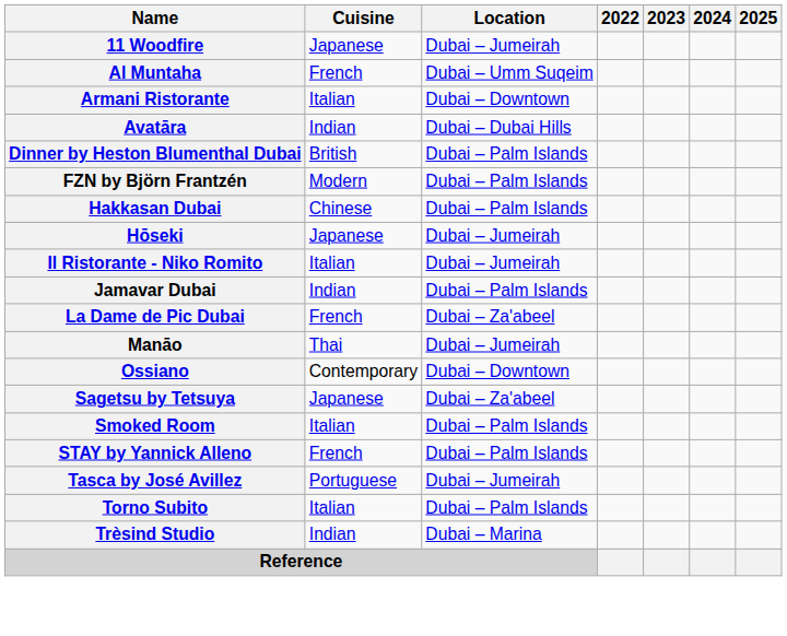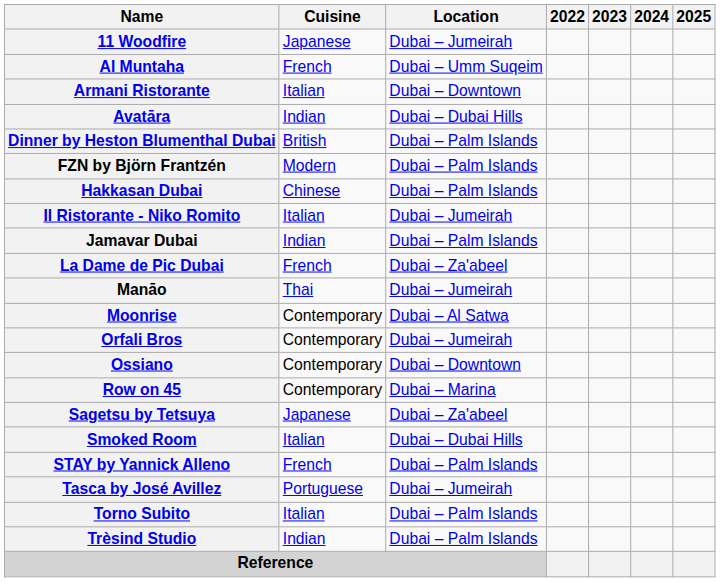 <table class="wikitable sortable plainrowheaders" style="text-align:left;"">
 <tr>
 <th scope="col">Name</th>
 <th scope="col">Cuisine</th>
 <th scope="col">Location</th>
 <th scope="col">2022</th>
 <th scope="col">2023</th>
 <th scope="col">2024</th>
 <th scope="col">2025</th>
 </tr>
 <tr>
 <th scope="row"><a href='#'>11 Woodfire</a></th>
 <td><a href='#'>Japanese</a></td>
 <td><a href='#'>Dubai – Jumeirah</a></td>
 <td></td>
 <td></td>
 <td></td>
 <td></td>
 </tr>
 <tr>
 <th scope="row"><a href='#'>Al Muntaha</a></th>
 <td><a href='#'>French</a></td>
 <td><a href='#'>Dubai – Umm Suqeim</a></td>
 <td></td>
 <td></td>
 <td></td>
 <td></td>
 </tr>
 <tr>
 <th scope="row"><a href='#'>Armani Ristorante</a></th>
 <td><a href='#'>Italian</a></td>
 <td><a href='#'>Dubai – Downtown</a></td>
 <td></td>
 <td></td>
 <td></td>
 <td></td>
 </tr>
 <tr>
 <th scope="row"><a href='#'>Avatāra</a></th>
 <td><a href='#'>Indian</a></td>
 <td><a href='#'>Dubai – Dubai Hills</a></td>
 <td></td>
 <td></td>
 <td></td>
 <td></td>
 </tr>
 <tr>
 <th scope="row"><a href='#'>Dinner by Heston Blumenthal Dubai</a></th>
 <td><a href='#'>British</a></td>
 <td><a href='#'>Dubai – Palm Islands</a></td>
 <td></td>
 <td></td>
 <td></td>
 <td></td>
 </tr>
 <tr>
 <th scope="row">FZN by Björn Frantzén</th>
 <td><a href='#'>Modern</a></td>
 <td><a href='#'>Dubai – Palm Islands</a></td>
 <td></td>
 <td></td>
 <td></td>
 <td></td>
 </tr>
 <tr>
 <th scope="row"><a href='#'>Hakkasan Dubai</a></th>
 <td><a href='#'>Chinese</a></td>
 <td><a href='#'>Dubai – Palm Islands</a></td>
 <td></td>
 <td></td>
 <td></td>
 <td></td>
 </tr>
 <tr>
-<th scope="row"><a href='#'>Hōseki</a></th>
-<td><a href='#'>Japanese</a></td>
-<td><a href='#'>Dubai – Jumeirah</a></td>
-<td></td>
-<td></td>
-<td></td>
-<td></td>
-</tr>
-<tr>
 <th scope="row"><a href='#'>Il Ristorante - Niko Romito</a></th>
 <td><a href='#'>Italian</a></td>
 <td><a href='#'>Dubai – Jumeirah</a></td>
 <td></td>
 <td></td>
 <td></td>
 <td></td>
 </tr>
 <tr>
 <th scope="row">Jamavar Dubai</th>
 <td><a href='#'>Indian</a></td>
 <td><a href='#'>Dubai – Palm Islands</a></td>
 <td></td>
 <td></td>
 <td></td>
 <td></td>
 </tr>
 <tr>
 <th scope="row"><a href='#'>La Dame de Pic Dubai</a></th>
 <td><a href='#'>French</a></td>
 <td><a href='#'>Dubai – Za'abeel</a></td>
 <td></td>
 <td></td>
 <td></td>
 <td></td>
 </tr>
 <tr>
 <th scope="row">Manāo</th>
 <td><a href='#'>Thai</a></td>
 <td><a href='#'>Dubai – Jumeirah</a></td>
 <td></td>
 <td></td>
 <td></td>
 <td></td>
 </tr>
 <tr>
+<th scope="row"><a href='#'>Moonrise</a></th>
+<td>Contemporary</td>
+<td><a href='#'>Dubai – Al Satwa</a></td>
+<td></td>
+<td></td>
+<td></td>
+<td></td>
+</tr>
+<tr>
+<th scope="row"><a href='#'>Orfali Bros</a></th>
+<td>Contemporary</td>
+<td><a href='#'>Dubai – Jumeirah</a></td>
+<td></td>
+<td></td>
+<td></td>
+<td></td>
+</tr>
+<tr>
 <th scope="row"><a href='#'>Ossiano</a></th>
 <td>Contemporary</td>
 <td><a href='#'>Dubai – Downtown</a></td>
+<td></td>
+<td></td>
+<td></td>
+<td></td>
+</tr>
+<tr>
+<th scope="row"><a href='#'>Row on 45</a></th>
+<td>Contemporary</td>
+<td><a href='#'>Dubai – Marina</a></td>
 <td></td>
 <td></td>
 <td></td>
 <td></td>
 </tr>
 <tr>
 <th scope="row"><a href='#'>Sagetsu by Tetsuya</a></th>
 <td><a href='#'>Japanese</a></td>
 <td><a href='#'>Dubai – Za'abeel</a></td>
 <td></td>
 <td></td>
 <td></td>
 <td></td>
 </tr>
 <tr>
 <th scope="row"><a href='#'>Smoked Room</a></th>
 <td><a href='#'>Italian</a></td>
-<td><a href='#'>Dubai – Palm Islands</a></td>
+<td><a href='#'>Dubai – Dubai Hills</a></td>
 <td></td>
 <td></td>
 <td></td>
 <td></td>
 </tr>
 <tr>
 <th scope="row"><a href='#'>STAY by Yannick Alleno</a></th>
 <td><a href='#'>French</a></td>
 <td><a href='#'>Dubai – Palm Islands</a></td>
 <td></td>
 <td></td>
 <td></td>
 <td></td>
 </tr>
 <tr>
 <th scope="row"><a href='#'>Tasca by José Avillez</a></th>
 <td><a href='#'>Portuguese</a></td>
 <td><a href='#'>Dubai – Jumeirah</a></td>
 <td></td>
 <td></td>
 <td></td>
 <td></td>
 </tr>
 <tr>
 <th scope="row"><a href='#'>Torno Subito</a></th>
 <td><a href='#'>Italian</a></td>
 <td><a href='#'>Dubai – Palm Islands</a></td>
 <td></td>
 <td></td>
 <td></td>
 <td></td>
 </tr>
 <tr>
 <th scope="row"><a href='#'>Trèsind Studio</a></th>
 <td><a href='#'>Indian</a></td>
-<td><a href='#'>Dubai – Marina</a></td>
+<td><a href='#'>Dubai – Palm Islands</a></td>
 <td></td>
 <td></td>
 <td></td>
 <td></td>
 </tr>
 <tr>
 <th colspan="3" style="text-align: center;background: lightgray;">Reference</th>
 <th></th>
 <th></th>
 <th></th>
 <th></th>
 </tr>
 </table>
